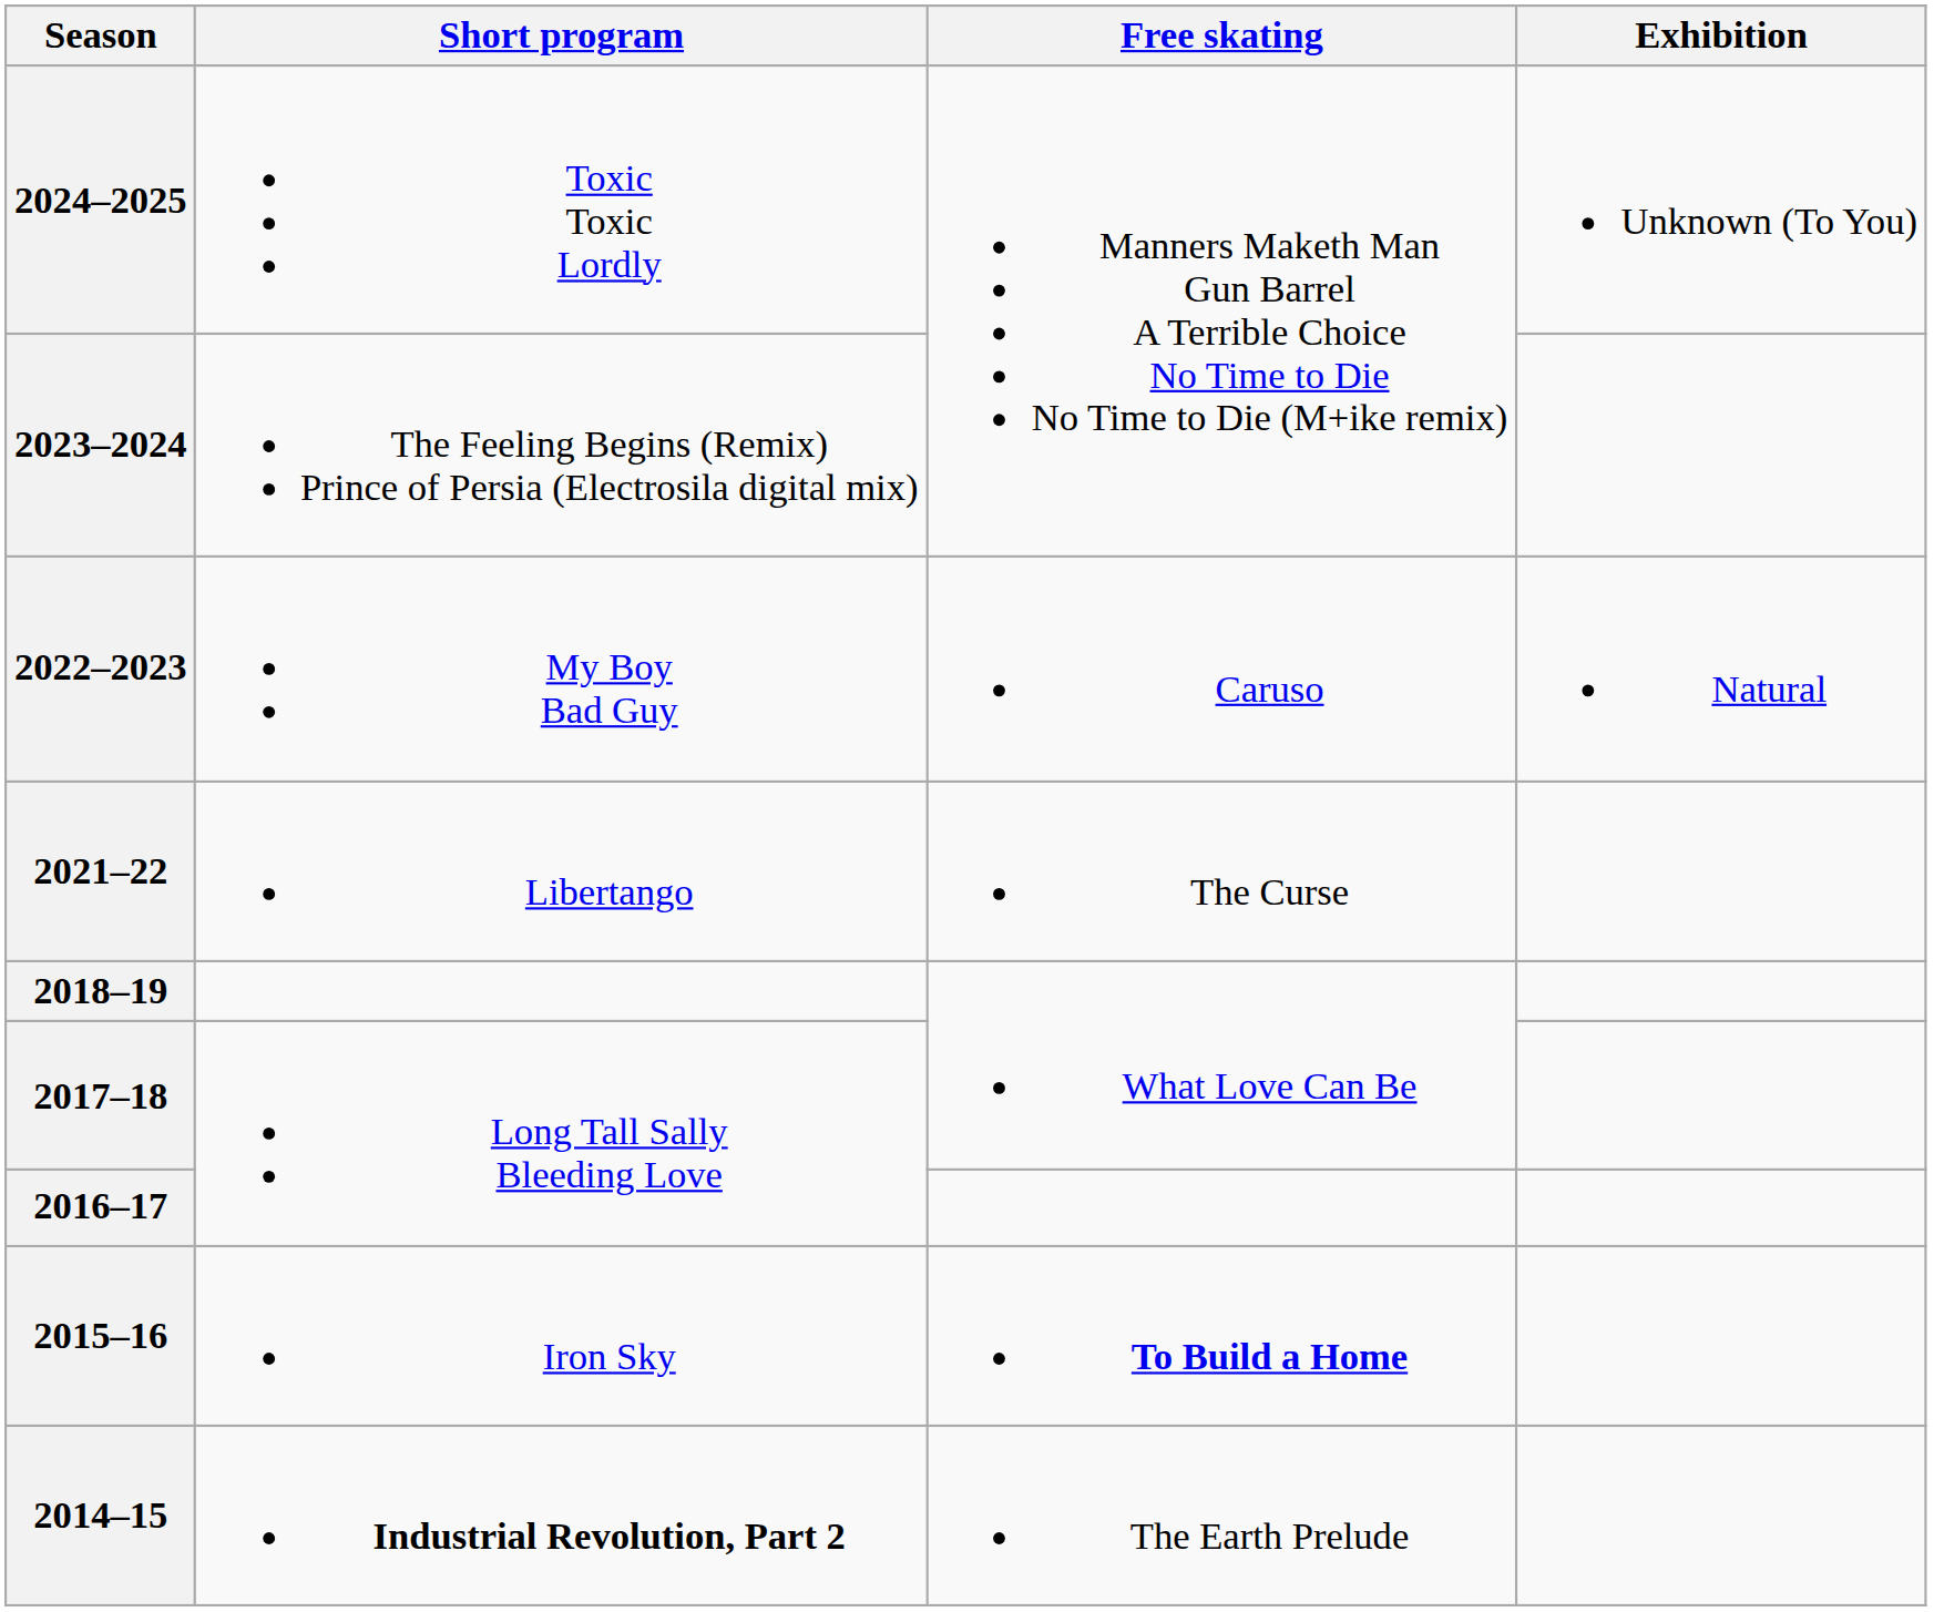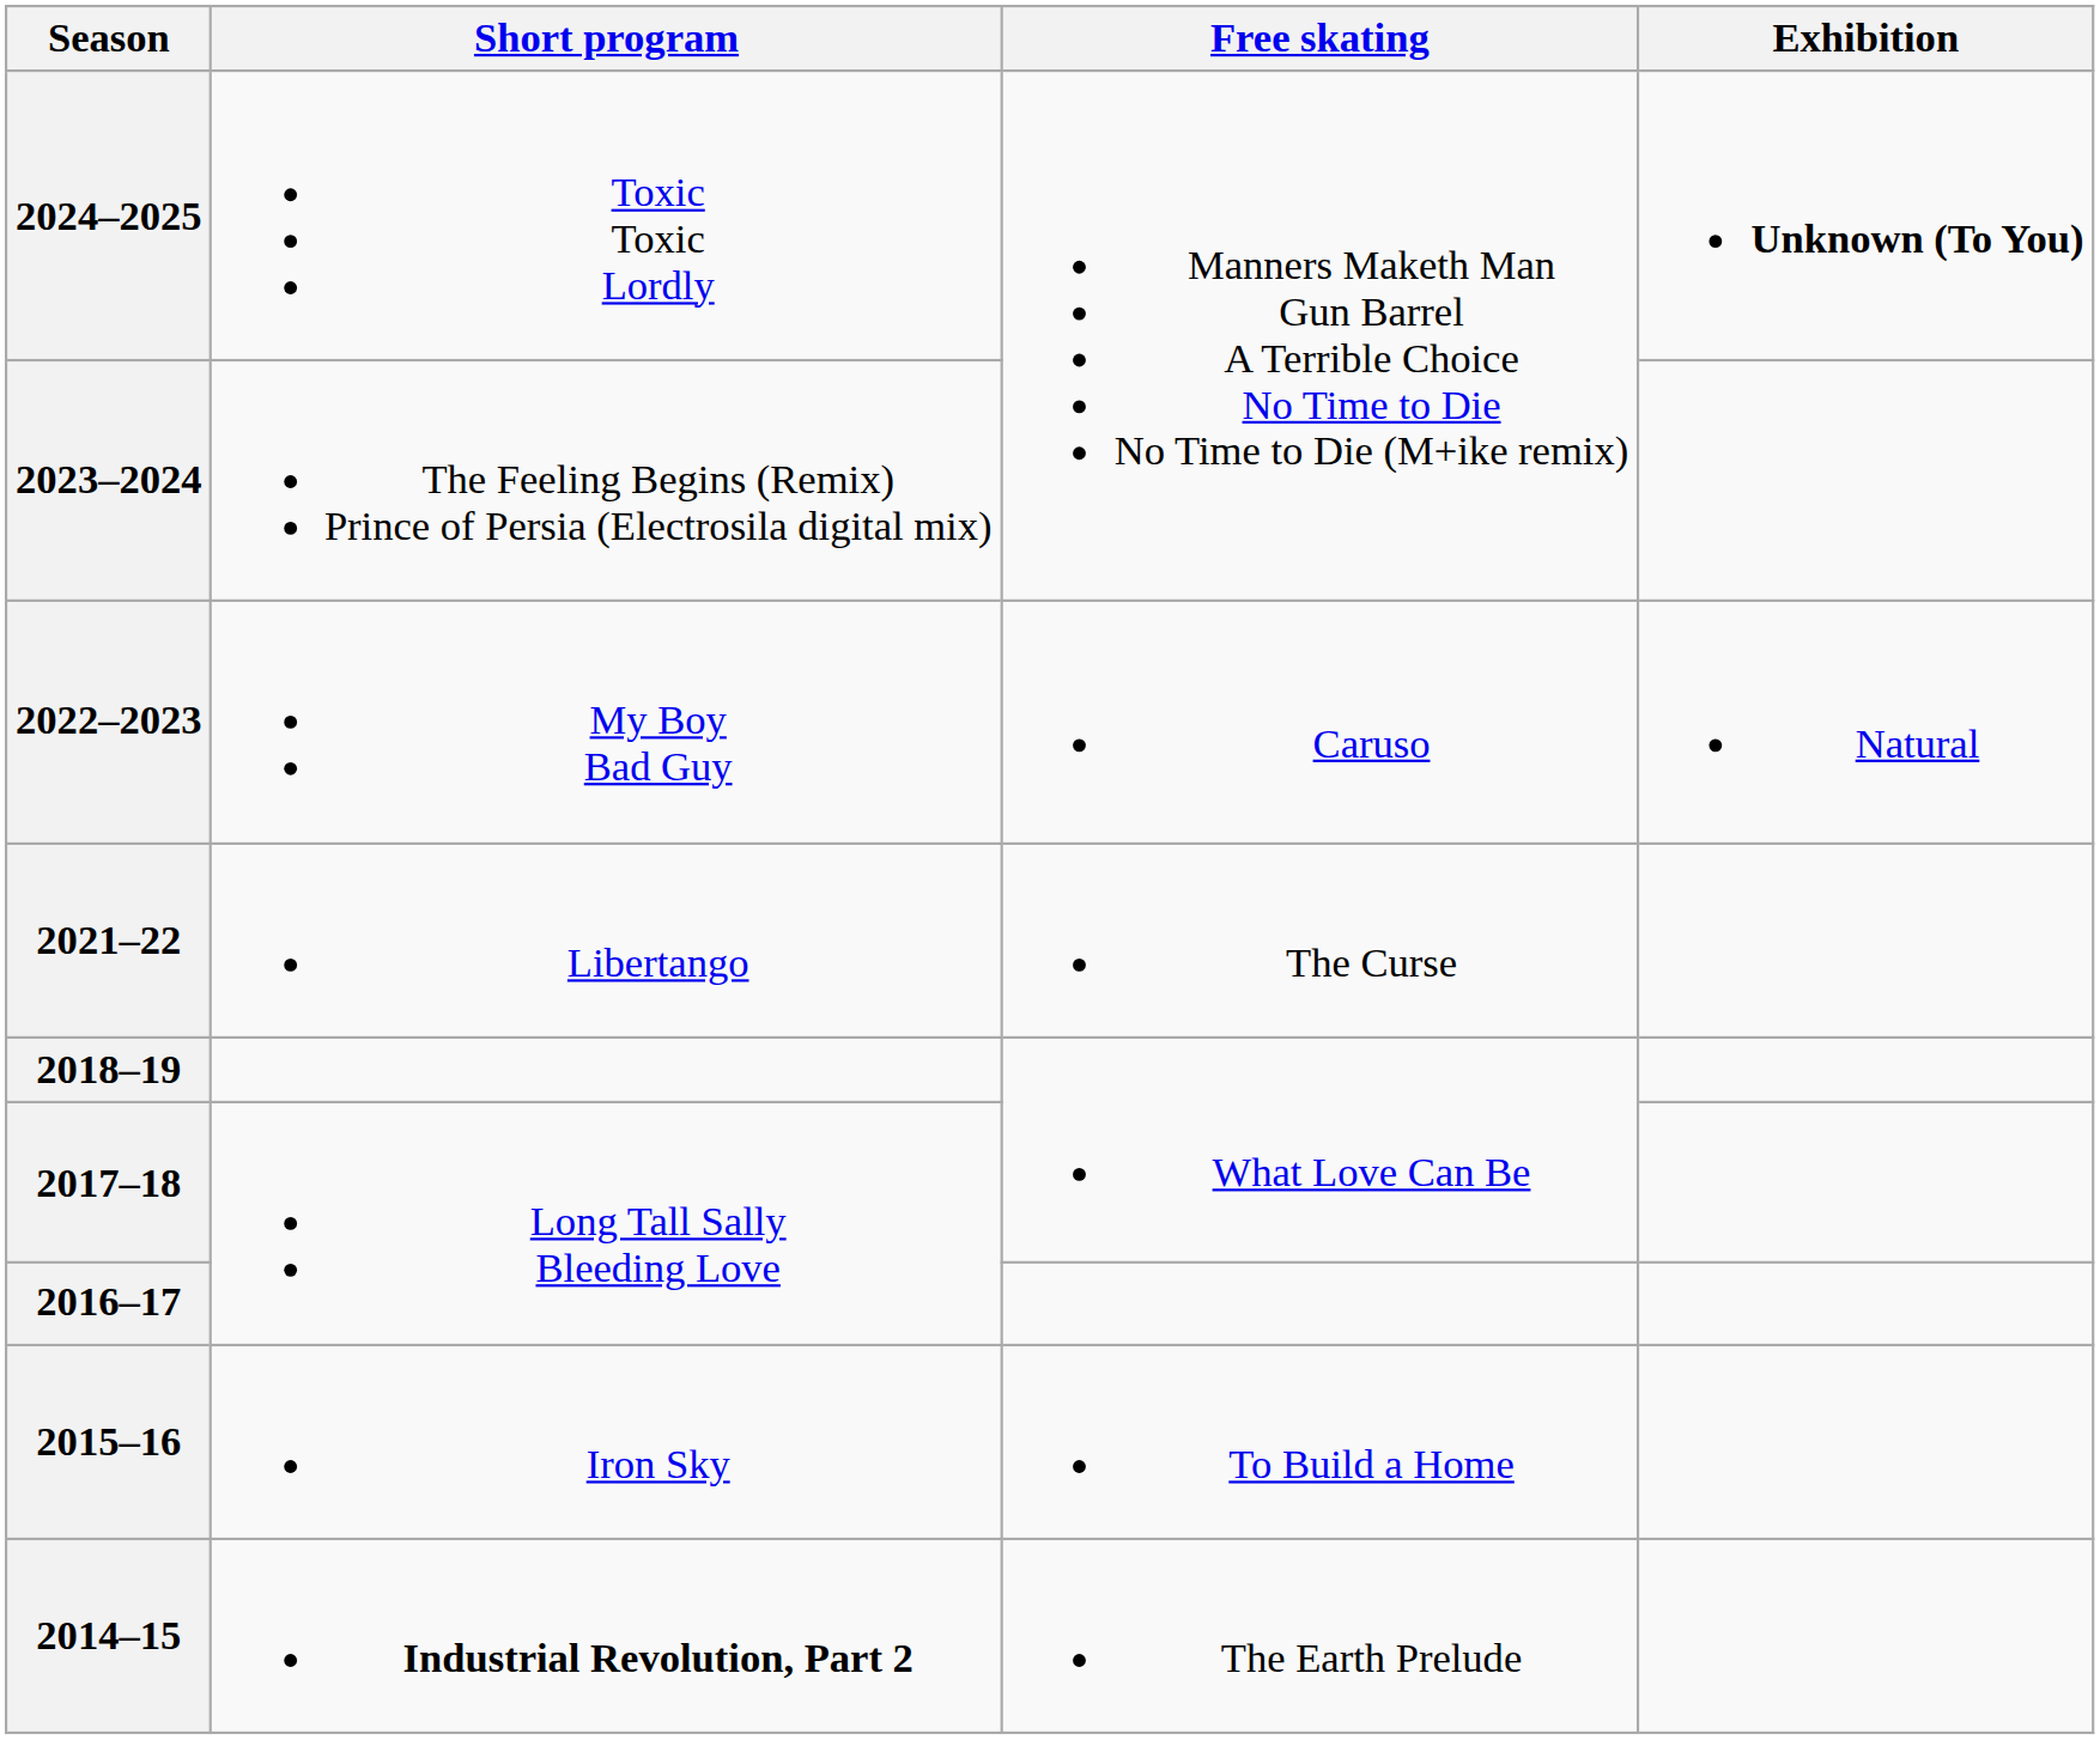 <table class="wikitable" style="text-align:center">
 <tr>
 <th>Season</th>
 <th><a href='#'>Short program</a></th>
 <th><a href='#'>Free skating</a></th>
 <th>Exhibition</th>
 </tr>
 <tr>
 <th>2024–2025<br></th>
 <td><br><ul><li><a href='#'>Toxic</a> <br> </li><li>Toxic <br> </li><li><a href='#'>Lordly</a><br></li></ul></td>
 <td rowspan=2><br><ul><li>Manners Maketh Man <br> </li><li>Gun Barrel <br> </li><li>A Terrible Choice <br> </li><li><a href='#'>No Time to Die</a> <br> </li><li>No Time to Die (M+ike remix) <br> </li></ul></td>
-<td><br><ul><li>Unknown (To You) <br> </li></ul></td>
+<td><strong><br><ul><li>Unknown (To You) <br> </li></ul></strong></td>
 </tr>
 <tr>
 <th>2023–2024<br></th>
 <td><br><ul><li>The Feeling Begins (Remix) <br> </li><li>Prince of Persia (Electrosila digital mix) <br></li></ul></td>
 <td></td>
 </tr>
 <tr>
 <th>2022–2023<br></th>
 <td><br><ul><li><a href='#'>My Boy</a></li><li><a href='#'>Bad Guy</a><br></li></ul></td>
 <td><br><ul><li><a href='#'>Caruso</a> <br></li></ul></td>
 <td><br><ul><li><a href='#'>Natural</a><br></li></ul></td>
 </tr>
 <tr>
 <th>2021–22<br></th>
 <td><br><ul><li><a href='#'>Libertango</a><br></li></ul></td>
 <td><br><ul><li>The Curse<br></li></ul></td>
 <td></td>
 </tr>
 <tr>
 <th>2018–19<br></th>
 <td></td>
 <td rowspan=2><br><ul><li><a href='#'>What Love Can Be</a> <br></li></ul></td>
 <td></td>
 </tr>
 <tr>
 <th>2017–18<br></th>
 <td rowspan=2><br><ul><li><a href='#'>Long Tall Sally</a> <br></li><li><a href='#'>Bleeding Love</a> <br></li></ul></td>
 <td></td>
 </tr>
 <tr>
 <th>2016–17<br></th>
 <td></td>
 <td></td>
 </tr>
 <tr>
 <th>2015–16<br></th>
 <td><br><ul><li><a href='#'>Iron Sky</a> <br></li></ul></td>
-<td><strong><br><ul><li><a href='#'>To Build a Home</a> <br></li></ul></strong></td>
+<td><br><ul><li><a href='#'>To Build a Home</a> <br></li></ul></td>
 <td></td>
 </tr>
 <tr>
 <th>2014–15<br></th>
 <td><strong><br><ul><li>Industrial Revolution, Part 2 <br></li></ul></strong></td>
 <td><br><ul><li>The Earth Prelude <br></li></ul></td>
 <td></td>
 </tr>
 </table>
